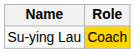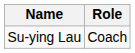 <table class="wikitable">
 <tr>
 <th>Name</th>
 <th>Role</th>
 </tr>
 <tr>
 <td> Su-ying Lau</td>
-<td style="background: gold;">Coach</td>
+<td>Coach</td>
 </tr>
 </table>
